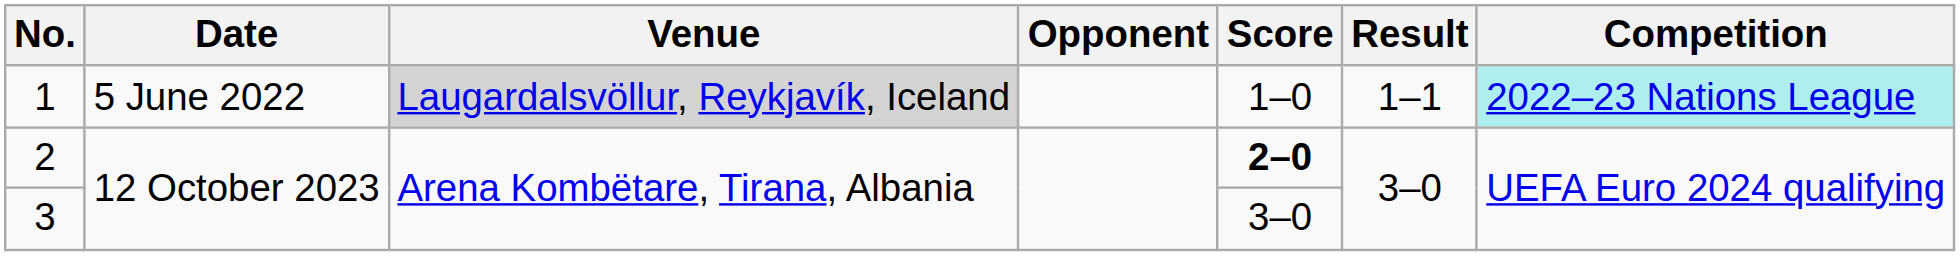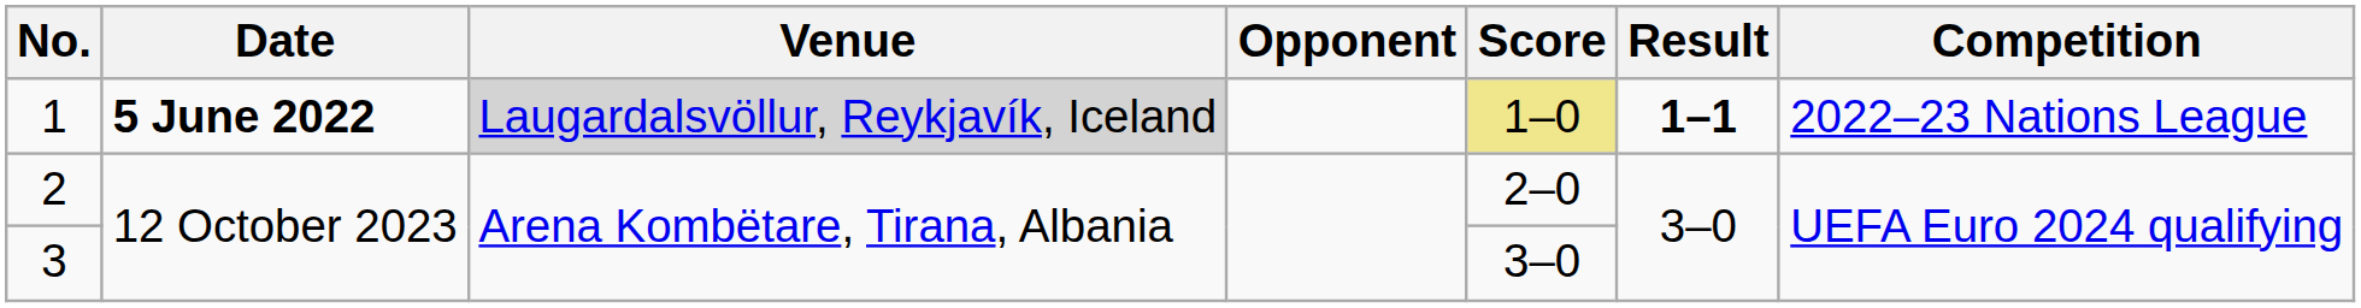 <table class="wikitable sortable">
 <tr>
 <th scope="col">No.</th>
 <th scope="col">Date</th>
 <th scope="col">Venue</th>
 <th scope="col">Opponent</th>
 <th scope="col">Score</th>
 <th scope="col">Result</th>
 <th scope="col">Competition</th>
 </tr>
 <tr>
 <td align="center">1</td>
-<td>5 June 2022</td>
+<td><strong>5 June 2022</strong></td>
 <td style="background: lightgrey;"><a href='#'>Laugardalsvöllur</a>, <a href='#'>Reykjavík</a>, Iceland</td>
 <td></td>
-<td align="center">1–0</td>
-<td align="center">1–1</td>
-<td style="background: paleturquoise;"><a href='#'>2022–23 Nations League</a></td>
+<td align="center" style="background: khaki;">1–0</td>
+<td align="center"><strong>1–1</strong></td>
+<td><a href='#'>2022–23 Nations League</a></td>
 </tr>
 <tr>
 <td align="center">2</td>
 <td rowspan="2">12 October 2023</td>
 <td rowspan="2"><a href='#'>Arena Kombëtare</a>, <a href='#'>Tirana</a>, Albania</td>
 <td rowspan="2"></td>
-<td align="center"><strong>2–0</strong></td>
+<td align="center">2–0</td>
 <td rowspan="2" align="center">3–0</td>
 <td rowspan="2"><a href='#'>UEFA Euro 2024 qualifying</a></td>
 </tr>
 <tr>
 <td align="center">3</td>
 <td align="center">3–0</td>
 </tr>
 </table>
